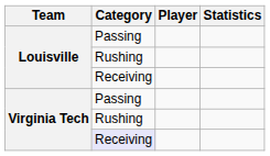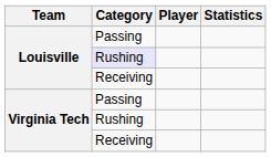 <table class="wikitable" style="float:right">
 <tr>
 <th>Team</th>
 <th>Category</th>
 <th>Player</th>
 <th>Statistics</th>
 </tr>
 <tr>
 <th rowspan=3>Louisville</th>
 <td>Passing</td>
 <td></td>
 <td></td>
 </tr>
 <tr>
-<td>Rushing</td>
+<td style="background: lavender;">Rushing</td>
 <td></td>
 <td></td>
 </tr>
 <tr>
 <td>Receiving</td>
 <td></td>
 <td></td>
 </tr>
 <tr>
 <th rowspan=3>Virginia Tech</th>
 <td>Passing</td>
 <td></td>
 <td></td>
 </tr>
 <tr>
 <td>Rushing</td>
 <td></td>
 <td></td>
 </tr>
 <tr>
-<td style="background: lavender;">Receiving</td>
+<td>Receiving</td>
 <td></td>
 <td></td>
 </tr>
 </table>
